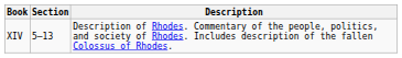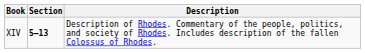 <table class="wikitable" style="max-width:45em;">
 <tr>
 <th>Book</th>
 <th>Section</th>
 <th>Description</th>
 </tr>
 <tr>
 <td rowspan="35">XIV</td>
-<td>5–13</td>
+<td><strong>5–13</strong></td>
 <td>Description of <a href='#'>Rhodes</a>. Commentary of the people, politics, and society of <a href='#'>Rhodes</a>. Includes description of the fallen <a href='#'>Colossus of Rhodes</a>.</td>
 </tr>
 </table>
